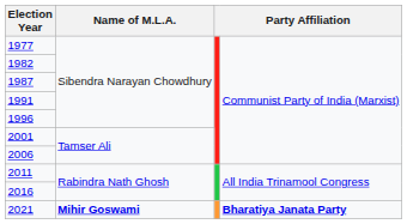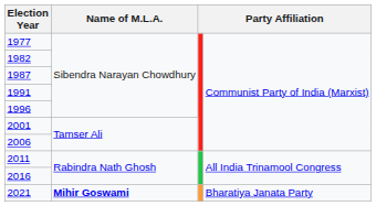 <table class="wikitable sortable">
 <tr style="font-weight:bold; text-align:center; background-color:#EAECF0;">
 <th style="vertical-align:middle; color:#202122;">Election<br>Year</th>
 <th style="vertical-align:middle; color:#202122;">Name of M.L.A.</th>
 <th style="vertical-align:middle; color:#202122;" Colspan=2>Party Affiliation</th>
 </tr>
 <tr style="background-color:#F8F9FA;">
 <td style="color:#0645AD;"><a href='#'>1977</a></td>
 <td rowspan="5" style="vertical-align:middle; color:#202122;">Sibendra Narayan Chowdhury</td>
 <td rowspan="7" style="background-color:#ff1d15;"></td>
 <td rowspan="7" style="color:#0645AD;"><a href='#'>Communist Party of India (Marxist)</a></td>
 </tr>
 <tr>
 <td style="vertical-align:middle; background-color:#F8F9FA; color:#202122;"><a href='#'>1982</a></td>
 </tr>
 <tr>
 <td style="vertical-align:middle; background-color:#F8F9FA; color:#202122;"><a href='#'>1987</a></td>
 </tr>
 <tr>
 <td style="vertical-align:middle; background-color:#F8F9FA; color:#202122;"><a href='#'>1991</a></td>
 </tr>
 <tr>
 <td style="vertical-align:middle; background-color:#F8F9FA; color:#202122;"><a href='#'>1996</a></td>
 </tr>
 <tr>
 <td style="background-color:#F8F9FA; color:#0645AD;"><a href='#'>2001</a></td>
 <td rowspan="2" style="vertical-align:middle; background-color:#F8F9FA; color:#202122;"><a href='#'>Tamser Ali</a></td>
 </tr>
 <tr>
 <td style="background-color:#F8F9FA; color:#0645AD;"><a href='#'>2006</a></td>
 </tr>
 <tr style="background-color:#F8F9FA;">
 <td style="color:#0645AD;"><a href='#'>2011</a></td>
 <td rowspan="2" style="vertical-align:middle; color:#202122;"><a href='#'>Rabindra Nath Ghosh</a></td>
 <td rowspan="2" style="background-color:#20c646;"></td>
 <td rowspan="2" style="color:#0645AD;"><a href='#'>All India Trinamool Congress</a></td>
 </tr>
 <tr>
 <td style="background-color:#F8F9FA; color:#0645AD;"><a href='#'>2016</a></td>
 </tr>
 <tr style="background-color:#F8F9FA;">
 <td style="color:#0645AD;"><a href='#'>2021</a></td>
 <td style="vertical-align:middle; color:#202122;"><strong><a href='#'>Mihir Goswami</a></strong></td>
 <td style="background-color:#ff9933;"></td>
-<td style="color:#0645AD;"><strong><a href='#'>Bharatiya Janata Party</a></strong></td>
+<td style="color:#0645AD;"><a href='#'>Bharatiya Janata Party</a></td>
 </tr>
 </table>
